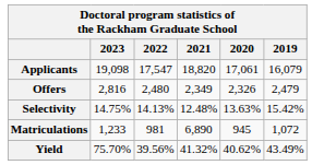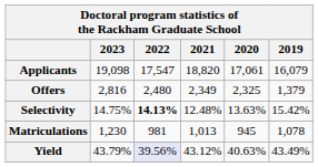 <table class="wikitable" style="float:right; font-size:85%; margin:10px">
 <tr>
 <th colspan="10">Doctoral program statistics of <br>the Rackham Graduate School</th>
 </tr>
 <tr>
 <th> </th>
 <th>2023</th>
 <th>2022</th>
 <th>2021</th>
 <th>2020</th>
 <th>2019</th>
 </tr>
 <tr style="text-align:center;">
 <th>Applicants</th>
 <td>19,098</td>
 <td>17,547</td>
 <td>18,820</td>
 <td>17,061</td>
 <td>16,079</td>
 </tr>
 <tr style="text-align:center;">
 <th>Offers</th>
 <td>2,816</td>
 <td>2,480</td>
 <td>2,349</td>
-<td>2,326</td>
-<td>2,479</td>
+<td>2,325</td>
+<td>1,379</td>
 </tr>
 <tr style="text-align:center;">
 <th>Selectivity</th>
 <td>14.75%</td>
-<td>14.13%</td>
+<td><strong>14.13%</strong></td>
 <td>12.48%</td>
 <td>13.63%</td>
 <td>15.42%</td>
 </tr>
 <tr style="text-align:center;">
 <th>Matriculations</th>
-<td>1,233</td>
+<td>1,230</td>
 <td>981</td>
-<td>6,890</td>
+<td>1,013</td>
 <td>945</td>
-<td>1,072</td>
+<td>1,078</td>
 </tr>
 <tr style="text-align:center;">
 <th>Yield</th>
-<td>75.70%</td>
-<td>39.56%</td>
-<td>41.32%</td>
-<td>40.62%</td>
+<td>43.79%</td>
+<td style="background: lavender;">39.56%</td>
+<td>43.12%</td>
+<td>40.63%</td>
 <td>43.49%</td>
 </tr>
 </table>
